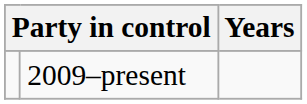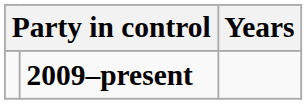 <table class="wikitable">
 <tr>
 <th colspan="2">Party in control</th>
 <th>Years</th>
 </tr>
 <tr>
 <td></td>
-<td>2009–present</td>
+<td><strong>2009–present</strong></td>
 </tr>
 </table>
